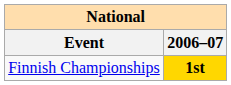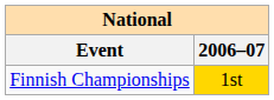 <table class="wikitable" style="text-align:center">
 <tr>
 <th style="background-color: #ffdead; " colspan=2 align=center><strong>National</strong></th>
 </tr>
 <tr>
 <th>Event</th>
 <th>2006–07</th>
 </tr>
 <tr>
 <td align=left><a href='#'>Finnish Championships</a></td>
-<td bgcolor=gold><strong>1st</strong></td>
+<td bgcolor=gold>1st</td>
 </tr>
 </table>
